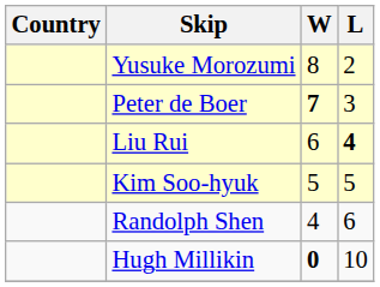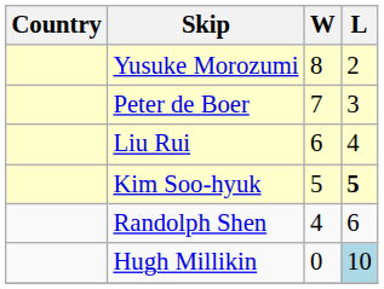 <table class=wikitable>
 <tr>
 <th>Country</th>
 <th>Skip</th>
 <th>W</th>
 <th>L</th>
 </tr>
 <tr bgcolor=#ffffcc>
 <td></td>
 <td><a href='#'>Yusuke Morozumi</a></td>
 <td>8</td>
 <td>2</td>
 </tr>
 <tr bgcolor=#ffffcc>
 <td></td>
 <td><a href='#'>Peter de Boer</a></td>
-<td><strong>7</strong></td>
+<td>7</td>
 <td>3</td>
 </tr>
 <tr bgcolor=#ffffcc>
 <td></td>
 <td><a href='#'>Liu Rui</a></td>
 <td>6</td>
-<td><strong>4</strong></td>
+<td>4</td>
 </tr>
 <tr bgcolor=#ffffcc>
 <td></td>
 <td><a href='#'>Kim Soo-hyuk</a></td>
 <td>5</td>
-<td>5</td>
+<td><strong>5</strong></td>
 </tr>
 <tr>
 <td></td>
 <td><a href='#'>Randolph Shen</a></td>
 <td>4</td>
 <td>6</td>
 </tr>
 <tr>
 <td></td>
 <td><a href='#'>Hugh Millikin</a></td>
-<td><strong>0</strong></td>
-<td>10</td>
+<td>0</td>
+<td style="background: lightblue;">10</td>
 </tr>
 <tr>
 </tr>
 </table>
